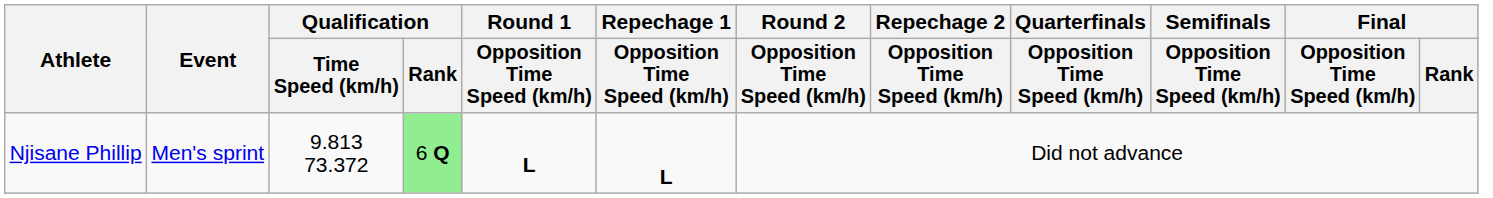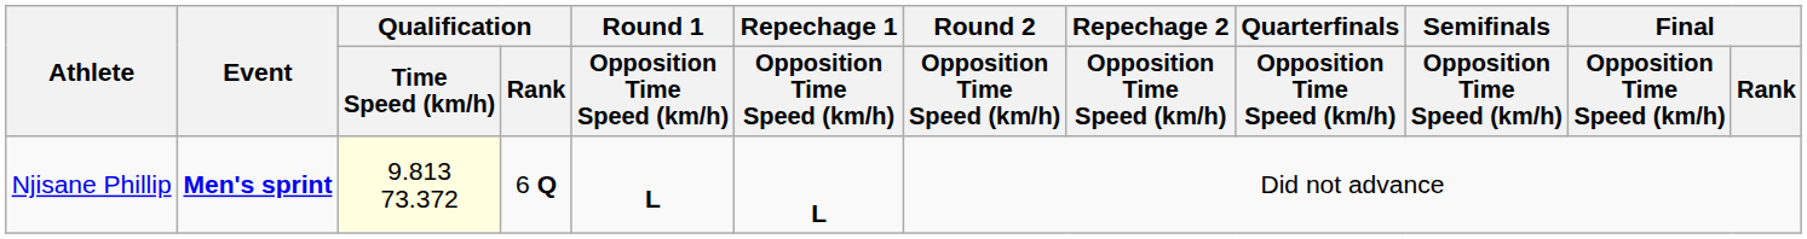 <table class="wikitable" style="font-size:90%">
 <tr>
 <th rowspan=2>Athlete</th>
 <th rowspan=2>Event</th>
 <th colspan=2>Qualification</th>
 <th>Round 1</th>
 <th>Repechage 1</th>
 <th>Round 2</th>
 <th>Repechage 2</th>
 <th>Quarterfinals</th>
 <th>Semifinals</th>
 <th colspan=2>Final</th>
 </tr>
 <tr style="font-size:95%">
 <th>Time<br>Speed (km/h)</th>
 <th>Rank</th>
 <th>Opposition<br>Time<br>Speed (km/h)</th>
 <th>Opposition<br>Time<br>Speed (km/h)</th>
 <th>Opposition<br>Time<br>Speed (km/h)</th>
 <th>Opposition<br>Time<br>Speed (km/h)</th>
 <th>Opposition<br>Time<br>Speed (km/h)</th>
 <th>Opposition<br>Time<br>Speed (km/h)</th>
 <th>Opposition<br>Time<br>Speed (km/h)</th>
 <th>Rank</th>
 </tr>
 <tr align=center>
 <td align=left><a href='#'>Njisane Phillip</a></td>
-<td align=left><a href='#'>Men's sprint</a></td>
-<td>9.813<br>73.372</td>
-<td style="background: lightgreen;">6 <strong>Q</strong></td>
+<td align=left><strong><a href='#'>Men's sprint</a></strong></td>
+<td style="background: lightyellow;">9.813<br>73.372</td>
+<td>6 <strong>Q</strong></td>
 <td><br><strong>L</strong></td>
 <td><br><br><strong>L</strong></td>
 <td colspan=6>Did not advance</td>
 </tr>
 </table>
